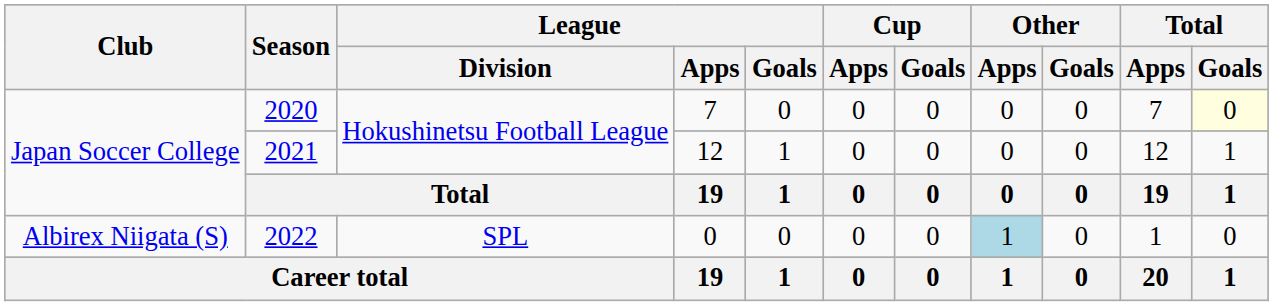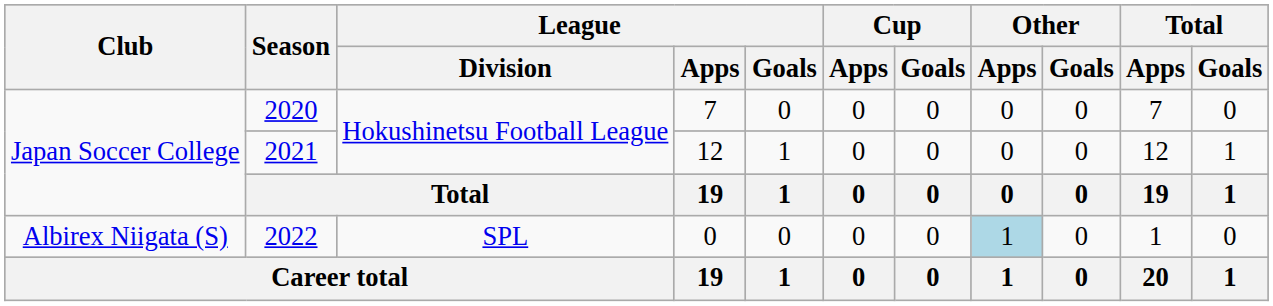 <table class="wikitable" style="text-align: center">
 <tr>
 <th rowspan="2">Club</th>
 <th rowspan="2">Season</th>
 <th colspan="3">League</th>
 <th colspan="2">Cup</th>
 <th colspan="2">Other</th>
 <th colspan="2">Total</th>
 </tr>
 <tr>
 <th>Division</th>
 <th>Apps</th>
 <th>Goals</th>
 <th>Apps</th>
 <th>Goals</th>
 <th>Apps</th>
 <th>Goals</th>
 <th>Apps</th>
 <th>Goals</th>
 </tr>
 <tr>
 <td rowspan="3"><a href='#'>Japan Soccer College</a></td>
 <td><a href='#'>2020</a></td>
 <td rowspan="2"><a href='#'>Hokushinetsu Football League</a></td>
 <td>7</td>
 <td>0</td>
 <td>0</td>
 <td>0</td>
 <td>0</td>
 <td>0</td>
 <td>7</td>
-<td style="background: lightyellow;">0</td>
+<td>0</td>
 </tr>
 <tr>
 <td><a href='#'>2021</a></td>
 <td>12</td>
 <td>1</td>
 <td>0</td>
 <td>0</td>
 <td>0</td>
 <td>0</td>
 <td>12</td>
 <td>1</td>
 </tr>
 <tr>
 <th colspan=2>Total</th>
 <th>19</th>
 <th>1</th>
 <th>0</th>
 <th>0</th>
 <th>0</th>
 <th>0</th>
 <th>19</th>
 <th>1</th>
 </tr>
 <tr>
 <td><a href='#'>Albirex Niigata (S)</a></td>
 <td><a href='#'>2022</a></td>
 <td><a href='#'>SPL</a></td>
 <td>0</td>
 <td>0</td>
 <td>0</td>
 <td>0</td>
 <td style="background: lightblue;">1</td>
 <td>0</td>
 <td>1</td>
 <td>0</td>
 </tr>
 <tr>
 <th colspan=3>Career total</th>
 <th>19</th>
 <th>1</th>
 <th>0</th>
 <th>0</th>
 <th>1</th>
 <th>0</th>
 <th>20</th>
 <th>1</th>
 </tr>
 </table>
